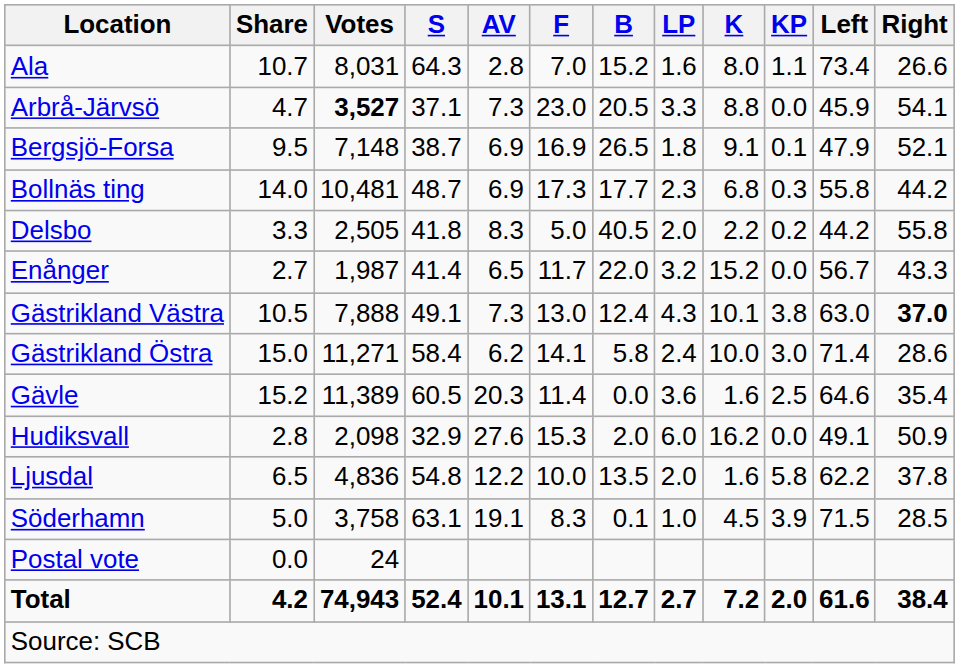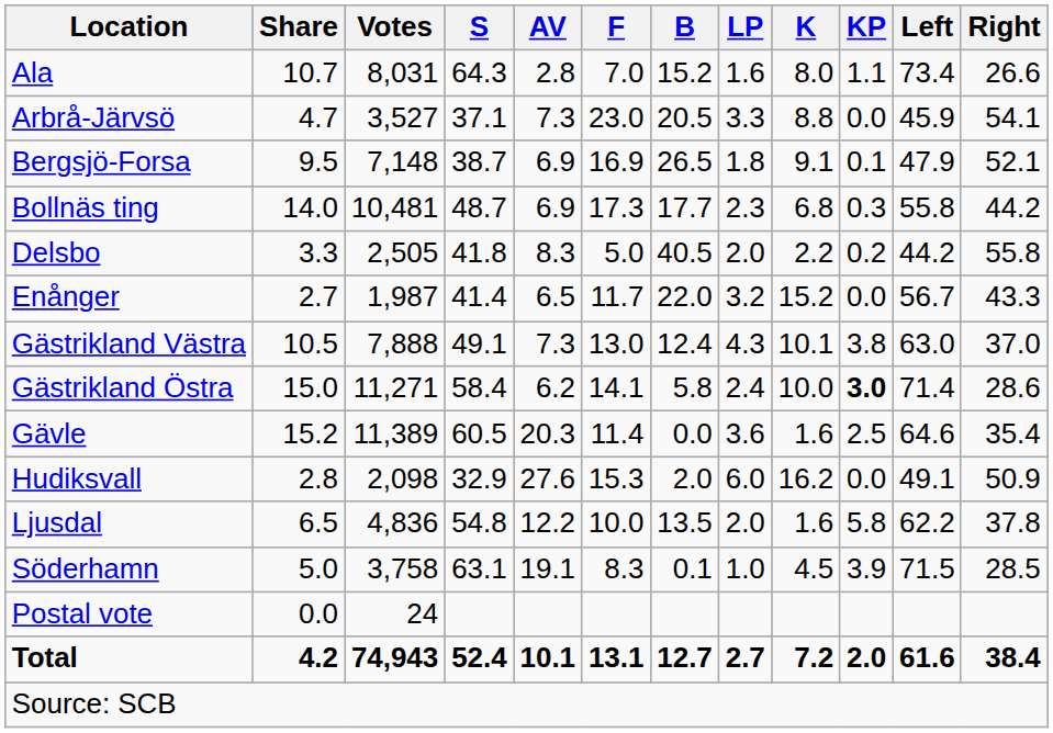 <table class="wikitable sortable" style=text-align:right>
 <tr>
 <th>Location</th>
 <th>Share</th>
 <th>Votes</th>
 <th><a href='#'>S</a></th>
 <th><a href='#'>AV</a></th>
 <th><a href='#'>F</a></th>
 <th><a href='#'>B</a></th>
 <th><a href='#'>LP</a></th>
 <th><a href='#'>K</a></th>
 <th><a href='#'>KP</a></th>
 <th>Left</th>
 <th>Right</th>
 </tr>
 <tr>
 <td align=left><a href='#'>Ala</a></td>
 <td>10.7</td>
 <td>8,031</td>
 <td>64.3</td>
 <td>2.8</td>
 <td>7.0</td>
 <td>15.2</td>
 <td>1.6</td>
 <td>8.0</td>
 <td>1.1</td>
 <td>73.4</td>
 <td>26.6</td>
 </tr>
 <tr>
 <td align=left><a href='#'>Arbrå-Järvsö</a></td>
 <td>4.7</td>
-<td><strong>3,527</strong></td>
+<td>3,527</td>
 <td>37.1</td>
 <td>7.3</td>
 <td>23.0</td>
 <td>20.5</td>
 <td>3.3</td>
 <td>8.8</td>
 <td>0.0</td>
 <td>45.9</td>
 <td>54.1</td>
 </tr>
 <tr>
 <td align=left><a href='#'>Bergsjö-Forsa</a></td>
 <td>9.5</td>
 <td>7,148</td>
 <td>38.7</td>
 <td>6.9</td>
 <td>16.9</td>
 <td>26.5</td>
 <td>1.8</td>
 <td>9.1</td>
 <td>0.1</td>
 <td>47.9</td>
 <td>52.1</td>
 </tr>
 <tr>
 <td align=left><a href='#'>Bollnäs ting</a></td>
 <td>14.0</td>
 <td>10,481</td>
 <td>48.7</td>
 <td>6.9</td>
 <td>17.3</td>
 <td>17.7</td>
 <td>2.3</td>
 <td>6.8</td>
 <td>0.3</td>
 <td>55.8</td>
 <td>44.2</td>
 </tr>
 <tr>
 <td align=left><a href='#'>Delsbo</a></td>
 <td>3.3</td>
 <td>2,505</td>
 <td>41.8</td>
 <td>8.3</td>
 <td>5.0</td>
 <td>40.5</td>
 <td>2.0</td>
 <td>2.2</td>
 <td>0.2</td>
 <td>44.2</td>
 <td>55.8</td>
 </tr>
 <tr>
 <td align=left><a href='#'>Enånger</a></td>
 <td>2.7</td>
 <td>1,987</td>
 <td>41.4</td>
 <td>6.5</td>
 <td>11.7</td>
 <td>22.0</td>
 <td>3.2</td>
 <td>15.2</td>
 <td>0.0</td>
 <td>56.7</td>
 <td>43.3</td>
 </tr>
 <tr>
 <td align=left><a href='#'>Gästrikland Västra</a></td>
 <td>10.5</td>
 <td>7,888</td>
 <td>49.1</td>
 <td>7.3</td>
 <td>13.0</td>
 <td>12.4</td>
 <td>4.3</td>
 <td>10.1</td>
 <td>3.8</td>
 <td>63.0</td>
-<td><strong>37.0</strong></td>
+<td>37.0</td>
 </tr>
 <tr>
 <td align=left><a href='#'>Gästrikland Östra</a></td>
 <td>15.0</td>
 <td>11,271</td>
 <td>58.4</td>
 <td>6.2</td>
 <td>14.1</td>
 <td>5.8</td>
 <td>2.4</td>
 <td>10.0</td>
-<td>3.0</td>
+<td><strong>3.0</strong></td>
 <td>71.4</td>
 <td>28.6</td>
 </tr>
 <tr>
 <td align=left><a href='#'>Gävle</a></td>
 <td>15.2</td>
 <td>11,389</td>
 <td>60.5</td>
 <td>20.3</td>
 <td>11.4</td>
 <td>0.0</td>
 <td>3.6</td>
 <td>1.6</td>
 <td>2.5</td>
 <td>64.6</td>
 <td>35.4</td>
 </tr>
 <tr>
 <td align=left><a href='#'>Hudiksvall</a></td>
 <td>2.8</td>
 <td>2,098</td>
 <td>32.9</td>
 <td>27.6</td>
 <td>15.3</td>
 <td>2.0</td>
 <td>6.0</td>
 <td>16.2</td>
 <td>0.0</td>
 <td>49.1</td>
 <td>50.9</td>
 </tr>
 <tr>
 <td align=left><a href='#'>Ljusdal</a></td>
 <td>6.5</td>
 <td>4,836</td>
 <td>54.8</td>
 <td>12.2</td>
 <td>10.0</td>
 <td>13.5</td>
 <td>2.0</td>
 <td>1.6</td>
 <td>5.8</td>
 <td>62.2</td>
 <td>37.8</td>
 </tr>
 <tr>
 <td align=left><a href='#'>Söderhamn</a></td>
 <td>5.0</td>
 <td>3,758</td>
 <td>63.1</td>
 <td>19.1</td>
 <td>8.3</td>
 <td>0.1</td>
 <td>1.0</td>
 <td>4.5</td>
 <td>3.9</td>
 <td>71.5</td>
 <td>28.5</td>
 </tr>
 <tr>
 <td align=left><a href='#'>Postal vote</a></td>
 <td>0.0</td>
 <td>24</td>
 <td></td>
 <td></td>
 <td></td>
 <td></td>
 <td></td>
 <td></td>
 <td></td>
 <td></td>
 <td></td>
 </tr>
 <tr>
 <td align=left><strong>Total</strong></td>
 <td><strong>4.2</strong></td>
 <td><strong>74,943</strong></td>
 <td><strong>52.4</strong></td>
 <td><strong>10.1</strong></td>
 <td><strong>13.1</strong></td>
 <td><strong>12.7</strong></td>
 <td><strong>2.7</strong></td>
 <td><strong>7.2</strong></td>
 <td><strong>2.0</strong></td>
 <td><strong>61.6</strong></td>
 <td><strong>38.4</strong></td>
 </tr>
 <tr>
 <td align=left colspan=12>Source: SCB </td>
 </tr>
 </table>
